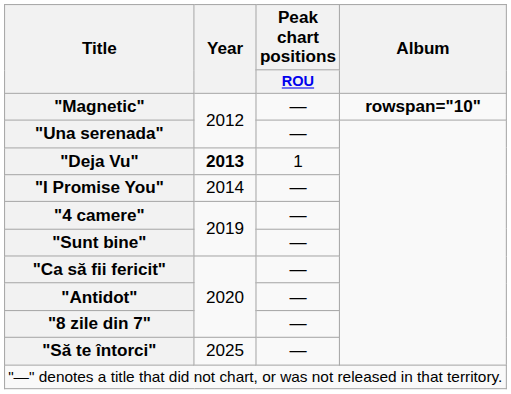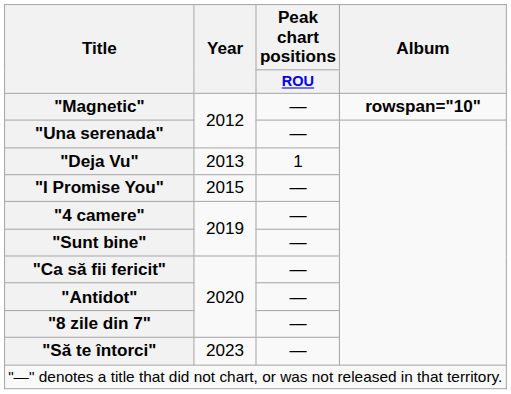 <table class="wikitable plainrowheaders" style="text-align:center;">
 <tr>
 <th scope="col" rowspan="2">Title</th>
 <th scope="col" rowspan="2">Year</th>
 <th scope="col" colspan="1">Peak chart positions</th>
 <th scope="col" rowspan="2">Album</th>
 </tr>
 <tr>
 <th style="width:3em;font-size:85%"><a href='#'>ROU</a><br></th>
 </tr>
 <tr>
 <th scope="row">"Magnetic"<br>  <sup></sup></th>
 <td rowspan="2">2012</td>
 <td>—</td>
 <td><strong>rowspan="10" </strong></td>
 </tr>
 <tr>
 <th scope="row">"Una serenada"<br>  <sup></sup></th>
 <td>—</td>
 </tr>
 <tr>
 <th scope="row">"Deja Vu"<br>  <sup></sup></th>
-<td><strong>2013</strong></td>
+<td>2013</td>
 <td>1</td>
 </tr>
 <tr>
 <th scope="row">"I Promise You"<br> <sup></sup></th>
-<td>2014</td>
+<td>2015</td>
 <td>—</td>
 </tr>
 <tr>
 <th scope="row">"4 camere"<br> <sup></sup></th>
 <td rowspan="2">2019</td>
 <td>—</td>
 </tr>
 <tr>
 <th scope="row">"Sunt bine"<br> <sup></sup></th>
 <td>—</td>
 </tr>
 <tr>
 <th scope="row">"Ca să fii fericit"<br> <sup></sup></th>
 <td rowspan="3">2020</td>
 <td>—</td>
 </tr>
 <tr>
 <th scope="row">"Antidot"<br> <sup></sup></th>
 <td>—</td>
 </tr>
 <tr>
 <th scope="row">"8 zile din 7"<br> <sup></sup></th>
 <td>—</td>
 </tr>
 <tr>
 <th scope="row">"Să te întorci"<br> <sup></sup></th>
-<td>2025</td>
+<td>2023</td>
 <td>—</td>
 </tr>
 <tr>
 <td colspan="12" style="font-size:90%">"—" denotes a title that did not chart, or was not released in that territory.</td>
 </tr>
 </table>
